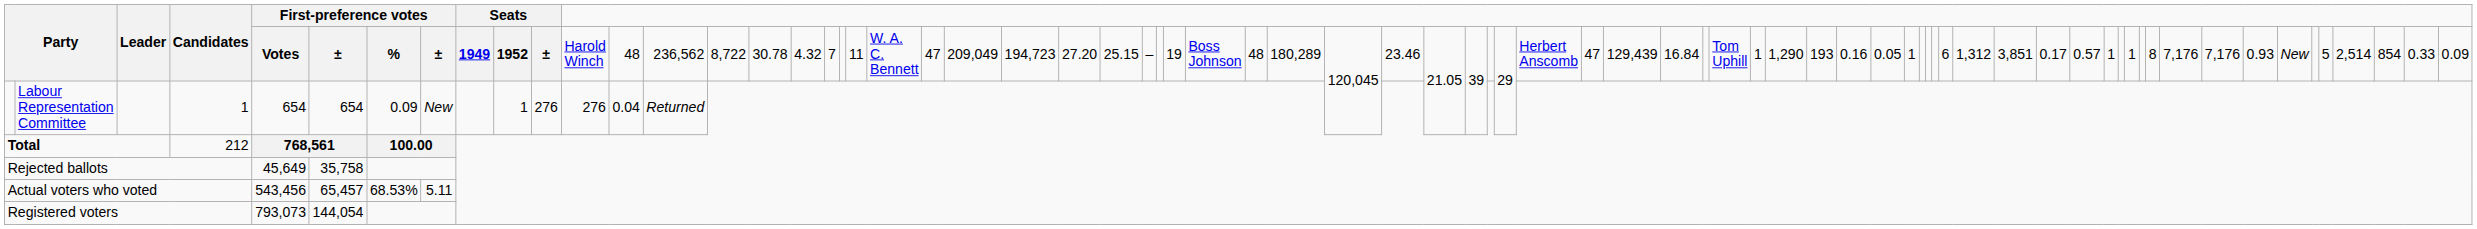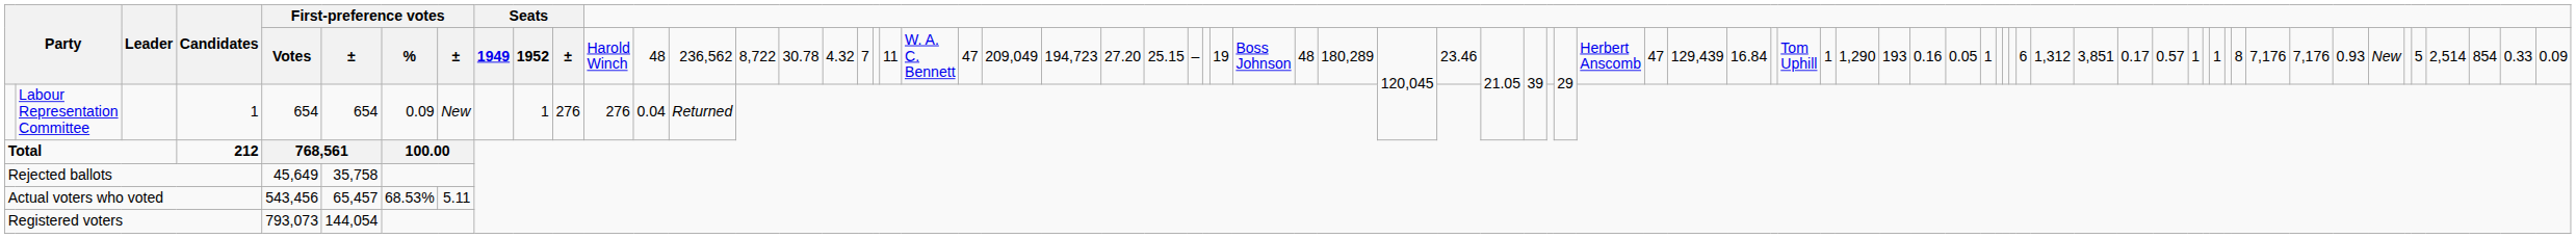 <table class="wikitable" style="text-align:right;">
 <tr>
 <th rowspan="2" colspan="2">Party</th>
 <th rowspan="2">Leader</th>
 <th rowspan="2">Candidates</th>
 <th colspan="4">First-preference votes</th>
 <th colspan="3">Seats</th>
 </tr>
 <tr>
 <th>Votes</th>
 <th>±</th>
 <th>% </th>
 <th>±</th>
 <th><a href='#'>1949</a></th>
 <th>1952</th>
 <th>±<br></th>
 <td style="text-align:left;"><a href='#'>Harold Winch</a></td>
 <td>48</td>
 <td>236,562</td>
 <td>8,722</td>
 <td>30.78</td>
 <td>4.32</td>
 <td>7</td>
 <td></td>
 <td>11<br></td>
 <td style="text-align:left;"><a href='#'>W. A. C. Bennett</a></td>
 <td>47</td>
 <td>209,049</td>
 <td>194,723</td>
 <td>27.20</td>
 <td>25.15</td>
 <td>–</td>
 <td></td>
 <td>19<br></td>
 <td style="text-align:left;"><a href='#'>Boss Johnson</a></td>
 <td>48</td>
 <td>180,289</td>
 <td rowspan="2">120,045</td>
 <td>23.46</td>
 <td rowspan="2">21.05</td>
 <td rowspan="2">39</td>
 <td></td>
 <td rowspan="2">29<br></td>
 <td style="text-align:left;"><a href='#'>Herbert Anscomb</a></td>
 <td>47</td>
 <td>129,439</td>
 <td>16.84</td>
 <td><br></td>
 <td style="text-align:left;"><a href='#'>Tom Uphill</a></td>
 <td>1</td>
 <td>1,290</td>
 <td>193</td>
 <td>0.16</td>
 <td>0.05</td>
 <td>1</td>
 <td></td>
 <td><br></td>
 <td style="text-align:left;"></td>
 <td>6</td>
 <td>1,312</td>
 <td>3,851</td>
 <td>0.17</td>
 <td>0.57</td>
 <td>1</td>
 <td></td>
 <td>1<br></td>
 <td style="text-align:left;"></td>
 <td>8</td>
 <td>7,176</td>
 <td>7,176</td>
 <td>0.93</td>
 <td><em>New</em><br></td>
 <td style="text-align:left;"></td>
 <td>5</td>
 <td>2,514</td>
 <td>854</td>
 <td>0.33</td>
 <td>0.09</td>
 </tr>
 <tr>
 <td style="background-color: "> </td>
 <td style="text-align: left;"><a href='#'>Labour Representation Committee</a></td>
 <td style="text-align:left;"></td>
 <td>1</td>
 <td>654</td>
 <td>654</td>
 <td>0.09</td>
 <td><em>New</em><br></td>
 <td style="text-align:left;"></td>
 <td>1</td>
 <td>276</td>
 <td>276</td>
 <td>0.04</td>
 <td><em>Returned</em></td>
 </tr>
 <tr>
 <td colspan="3" style="text-align: left;"><strong>Total</strong></td>
-<td>212</td>
+<td><strong>212</strong></td>
 <th colspan="2">768,561</th>
 <th colspan="2">100.00</th>
 </tr>
 <tr>
 <td colspan="4" style="text-align:left;">Rejected ballots</td>
 <td>45,649</td>
 <td>35,758</td>
 <td colspan="2"></td>
 </tr>
 <tr>
 <td colspan="4" style="text-align:left;">Actual voters who voted</td>
 <td>543,456</td>
 <td>65,457</td>
 <td>68.53%</td>
 <td>5.11</td>
 </tr>
 <tr>
 <td colspan="4" style="text-align:left;">Registered voters</td>
 <td>793,073</td>
 <td>144,054</td>
 <td colspan="2"></td>
 </tr>
 </table>
